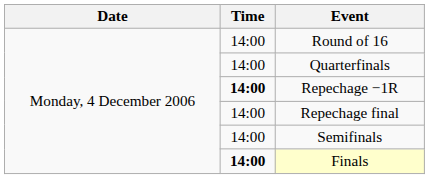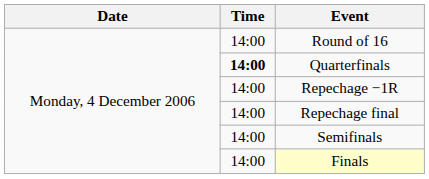 <table class = "wikitable" style="text-align:center;">
 <tr>
 <th width=220>Date</th>
 <th width=50>Time</th>
 <th width=150>Event</th>
 </tr>
 <tr>
 <td rowspan=6>Monday, 4 December 2006</td>
 <td>14:00</td>
 <td>Round of 16</td>
 </tr>
 <tr>
-<td>14:00</td>
+<td><strong>14:00</strong></td>
 <td>Quarterfinals</td>
 </tr>
 <tr>
-<td><strong>14:00</strong></td>
+<td>14:00</td>
 <td>Repechage −1R</td>
 </tr>
 <tr>
 <td>14:00</td>
 <td>Repechage final</td>
 </tr>
 <tr>
 <td>14:00</td>
 <td>Semifinals</td>
 </tr>
 <tr>
-<td><strong>14:00</strong></td>
+<td>14:00</td>
 <td bgcolor=ffffcc>Finals</td>
 </tr>
 </table>
